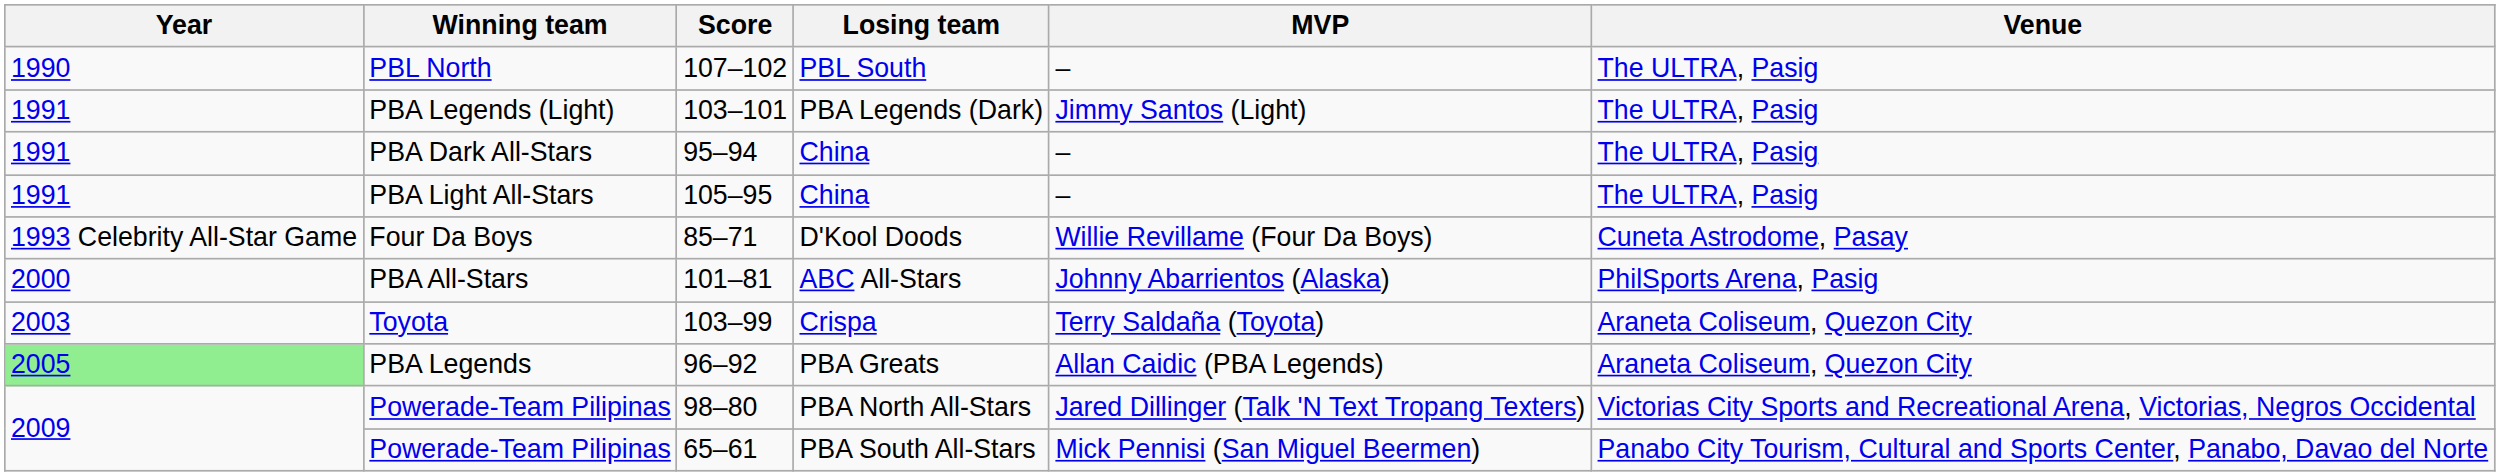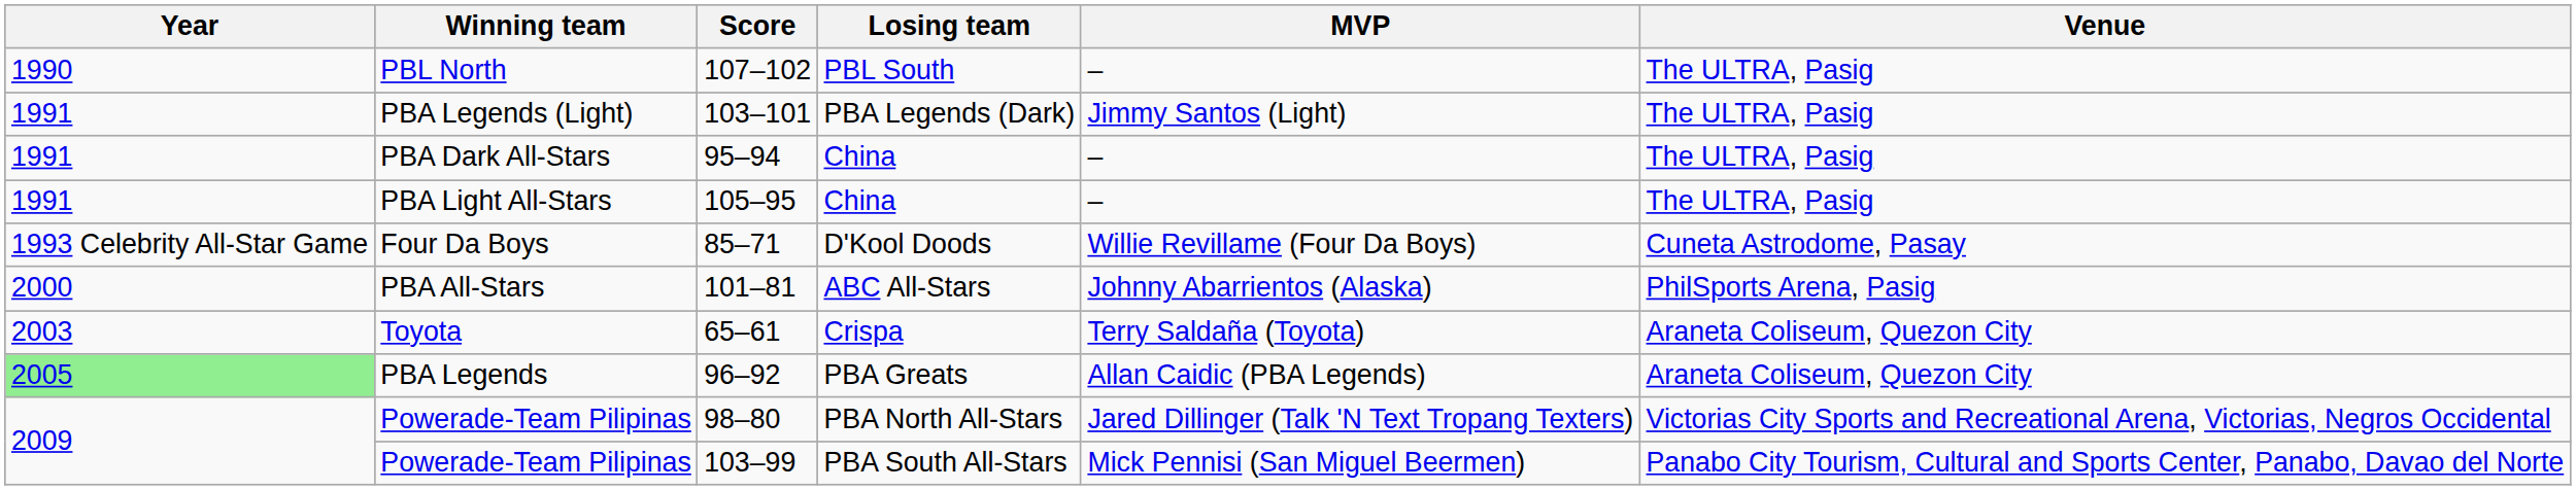 <table class=wikitable>
 <tr>
 <th>Year</th>
 <th>Winning team</th>
 <th>Score</th>
 <th>Losing team</th>
 <th>MVP</th>
 <th>Venue</th>
 </tr>
 <tr>
 <td><a href='#'>1990</a></td>
 <td><a href='#'>PBL North</a></td>
 <td>107–102</td>
 <td><a href='#'>PBL South</a></td>
 <td>–</td>
 <td><a href='#'>The ULTRA</a>, <a href='#'>Pasig</a></td>
 </tr>
 <tr>
 <td><a href='#'>1991</a></td>
 <td>PBA Legends (Light)</td>
 <td>103–101</td>
 <td>PBA Legends (Dark)</td>
 <td><a href='#'>Jimmy Santos</a> (Light)</td>
 <td><a href='#'>The ULTRA</a>, <a href='#'>Pasig</a></td>
 </tr>
 <tr>
 <td><a href='#'>1991</a></td>
 <td>PBA Dark All-Stars</td>
 <td>95–94</td>
 <td><a href='#'>China</a></td>
 <td>–</td>
 <td><a href='#'>The ULTRA</a>, <a href='#'>Pasig</a></td>
 </tr>
 <tr>
 <td><a href='#'>1991</a></td>
 <td>PBA Light All-Stars</td>
 <td>105–95</td>
 <td><a href='#'>China</a></td>
 <td>–</td>
 <td><a href='#'>The ULTRA</a>, <a href='#'>Pasig</a></td>
 </tr>
 <tr>
 <td><a href='#'>1993</a> Celebrity All-Star Game</td>
 <td>Four Da Boys</td>
 <td>85–71</td>
 <td>D'Kool Doods</td>
 <td><a href='#'>Willie Revillame</a> (Four Da Boys)</td>
 <td><a href='#'>Cuneta Astrodome</a>, <a href='#'>Pasay</a></td>
 </tr>
 <tr>
 <td><a href='#'>2000</a></td>
 <td>PBA All-Stars</td>
 <td>101–81</td>
 <td><a href='#'>ABC</a> All-Stars</td>
 <td><a href='#'>Johnny Abarrientos</a> (<a href='#'>Alaska</a>)</td>
 <td><a href='#'>PhilSports Arena</a>, <a href='#'>Pasig</a></td>
 </tr>
 <tr>
 <td><a href='#'>2003</a></td>
 <td><a href='#'>Toyota</a></td>
-<td>103–99</td>
+<td>65–61</td>
 <td><a href='#'>Crispa</a></td>
 <td><a href='#'>Terry Saldaña</a> (<a href='#'>Toyota</a>)</td>
 <td><a href='#'>Araneta Coliseum</a>, <a href='#'>Quezon City</a></td>
 </tr>
 <tr>
 <td style="background: lightgreen;"><a href='#'>2005</a></td>
 <td>PBA Legends</td>
 <td>96–92</td>
 <td>PBA Greats</td>
 <td><a href='#'>Allan Caidic</a> (PBA Legends)</td>
 <td><a href='#'>Araneta Coliseum</a>, <a href='#'>Quezon City</a></td>
 </tr>
 <tr>
 <td rowspan=2><a href='#'>2009</a></td>
 <td><a href='#'>Powerade-Team Pilipinas</a></td>
 <td>98–80</td>
 <td>PBA North All-Stars</td>
 <td><a href='#'>Jared Dillinger</a> (<a href='#'>Talk 'N Text Tropang Texters</a>)</td>
 <td><a href='#'>Victorias City Sports and Recreational Arena</a>, <a href='#'>Victorias, Negros Occidental</a></td>
 </tr>
 <tr>
 <td><a href='#'>Powerade-Team Pilipinas</a></td>
-<td>65–61</td>
+<td>103–99</td>
 <td>PBA South All-Stars</td>
 <td><a href='#'>Mick Pennisi</a> (<a href='#'>San Miguel Beermen</a>)</td>
 <td><a href='#'>Panabo City Tourism, Cultural and Sports Center</a>, <a href='#'>Panabo, Davao del Norte</a></td>
 </tr>
 </table>
